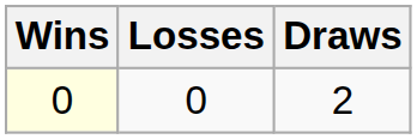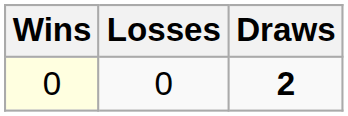 <table class="wikitable">
 <tr>
 <th>Wins</th>
 <th>Losses</th>
 <th>Draws</th>
 </tr>
 <tr>
 <td align=center style="background: lightyellow;">0</td>
 <td align=center>0</td>
-<td align=center>2</td>
+<td align=center><strong>2</strong></td>
 </tr>
 </table>
